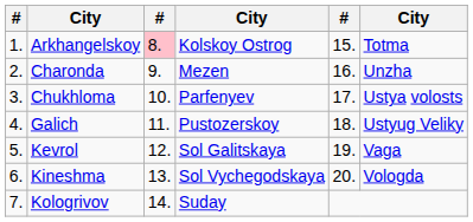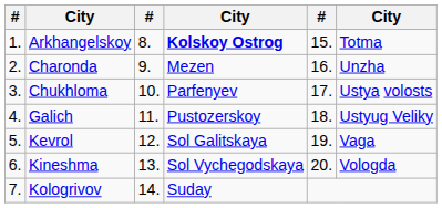 <table class="wikitable">
 <tr>
 <th>#</th>
 <th>City</th>
 <th>#</th>
 <th>City</th>
 <th>#</th>
 <th>City</th>
 </tr>
 <tr>
 <td>1.</td>
 <td><a href='#'>Arkhangelskoy</a></td>
-<td style="background: pink;">8.</td>
-<td><a href='#'>Kolskoy Ostrog</a></td>
+<td>8.</td>
+<td><strong><a href='#'>Kolskoy Ostrog</a></strong></td>
 <td>15.</td>
 <td><a href='#'>Totma</a></td>
 </tr>
 <tr>
 <td>2.</td>
 <td><a href='#'>Charonda</a></td>
 <td>9.</td>
 <td><a href='#'>Mezen</a></td>
 <td>16.</td>
 <td><a href='#'>Unzha</a></td>
 </tr>
 <tr>
 <td>3.</td>
 <td><a href='#'>Chukhloma</a></td>
 <td>10.</td>
 <td><a href='#'>Parfenyev</a></td>
 <td>17.</td>
 <td><a href='#'>Ustya</a> <a href='#'>volosts</a></td>
 </tr>
 <tr>
 <td>4.</td>
 <td><a href='#'>Galich</a></td>
 <td>11.</td>
 <td><a href='#'>Pustozerskoy</a></td>
 <td>18.</td>
 <td><a href='#'>Ustyug Veliky</a></td>
 </tr>
 <tr>
 <td>5.</td>
 <td><a href='#'>Kevrol</a></td>
 <td>12.</td>
 <td><a href='#'>Sol Galitskaya</a></td>
 <td>19.</td>
 <td><a href='#'>Vaga</a></td>
 </tr>
 <tr>
 <td>6.</td>
 <td><a href='#'>Kineshma</a></td>
 <td>13.</td>
 <td><a href='#'>Sol Vychegodskaya</a></td>
 <td>20.</td>
 <td><a href='#'>Vologda</a></td>
 </tr>
 <tr>
 <td>7.</td>
 <td><a href='#'>Kologrivov</a></td>
 <td>14.</td>
 <td><a href='#'>Suday</a></td>
 </tr>
 </table>
